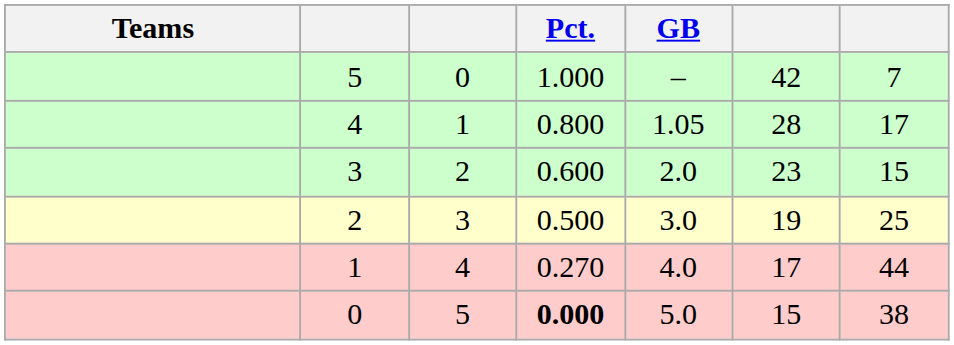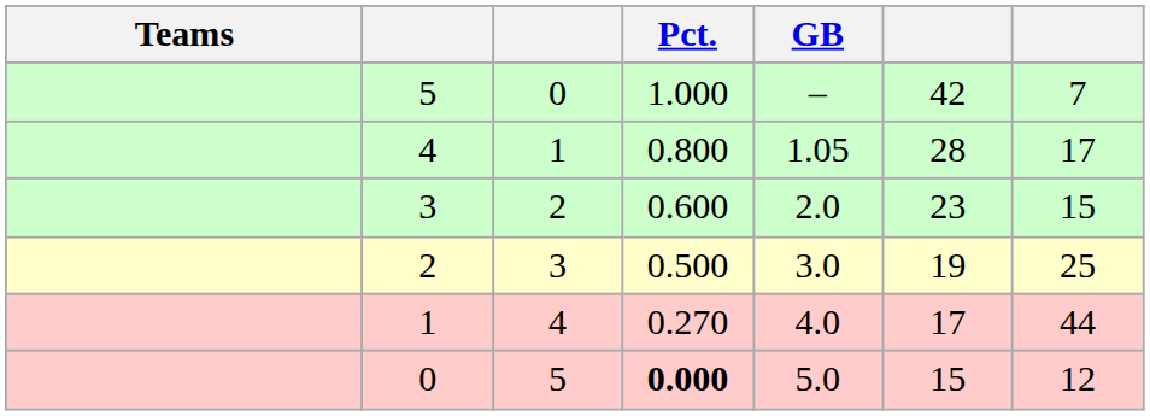 <table class="wikitable" style="text-align:center;">
 <tr>
 <th width=150px>Teams</th>
 <th width=50px></th>
 <th width=50px></th>
 <th width=50px><a href='#'>Pct.</a></th>
 <th width=50px><a href='#'>GB</a></th>
 <th width=50px></th>
 <th width=50px></th>
 </tr>
 <tr style="background-color:#cfc">
 <td align=left></td>
 <td>5</td>
 <td>0</td>
 <td>1.000</td>
 <td>–</td>
 <td>42</td>
 <td>7</td>
 </tr>
 <tr style="background-color:#cfc">
 <td align=left></td>
 <td>4</td>
 <td>1</td>
 <td>0.800</td>
 <td>1.05</td>
 <td>28</td>
 <td>17</td>
 </tr>
 <tr style="background-color:#cfc">
 <td align=left></td>
 <td>3</td>
 <td>2</td>
 <td>0.600</td>
 <td>2.0</td>
 <td>23</td>
 <td>15</td>
 </tr>
 <tr style="background-color:#ffc">
 <td align=left></td>
 <td>2</td>
 <td>3</td>
 <td>0.500</td>
 <td>3.0</td>
 <td>19</td>
 <td>25</td>
 </tr>
 <tr style="background-color:#fcc">
 <td align=left></td>
 <td>1</td>
 <td>4</td>
 <td>0.270</td>
 <td>4.0</td>
 <td>17</td>
 <td>44</td>
 </tr>
 <tr style="background-color:#fcc">
 <td align=left></td>
 <td>0</td>
 <td>5</td>
 <td><strong>0.000</strong></td>
 <td>5.0</td>
 <td>15</td>
-<td>38</td>
+<td>12</td>
 </tr>
 </table>
